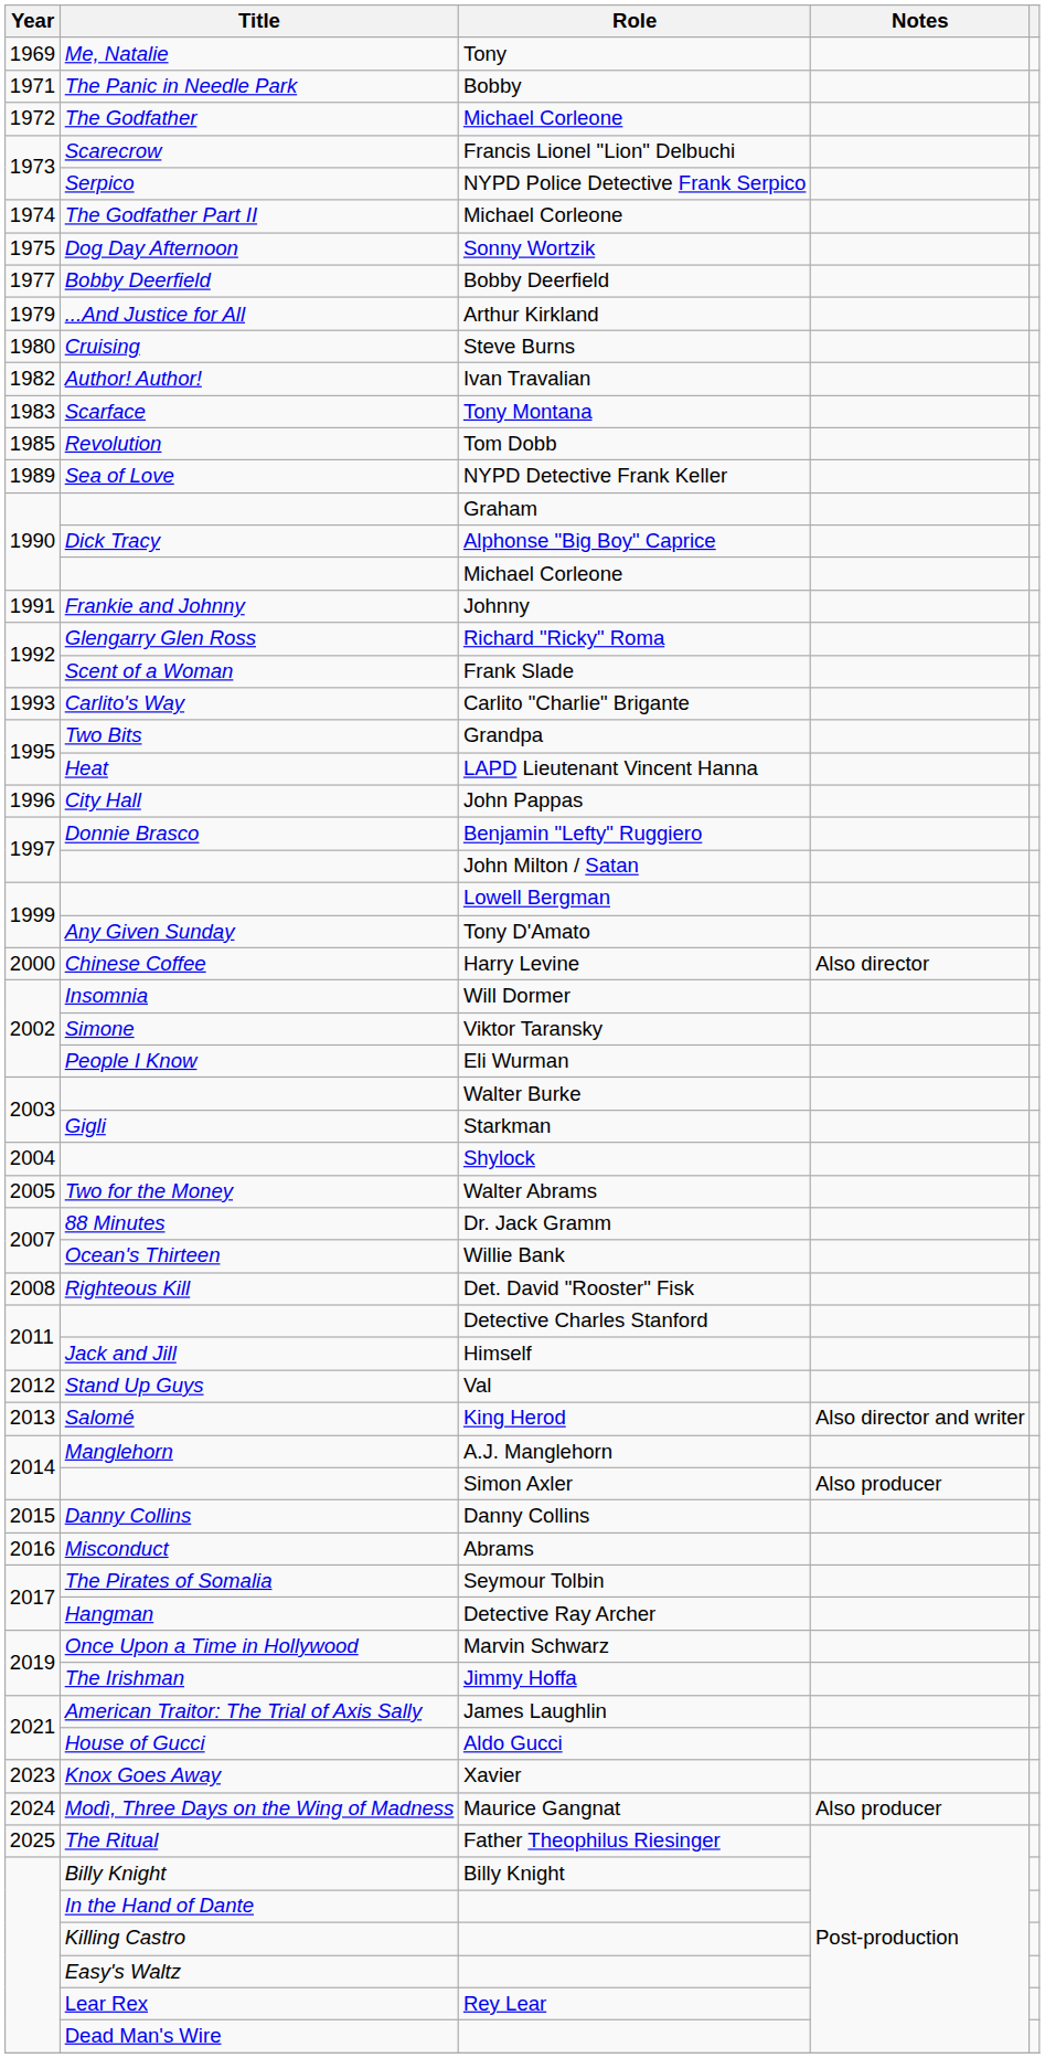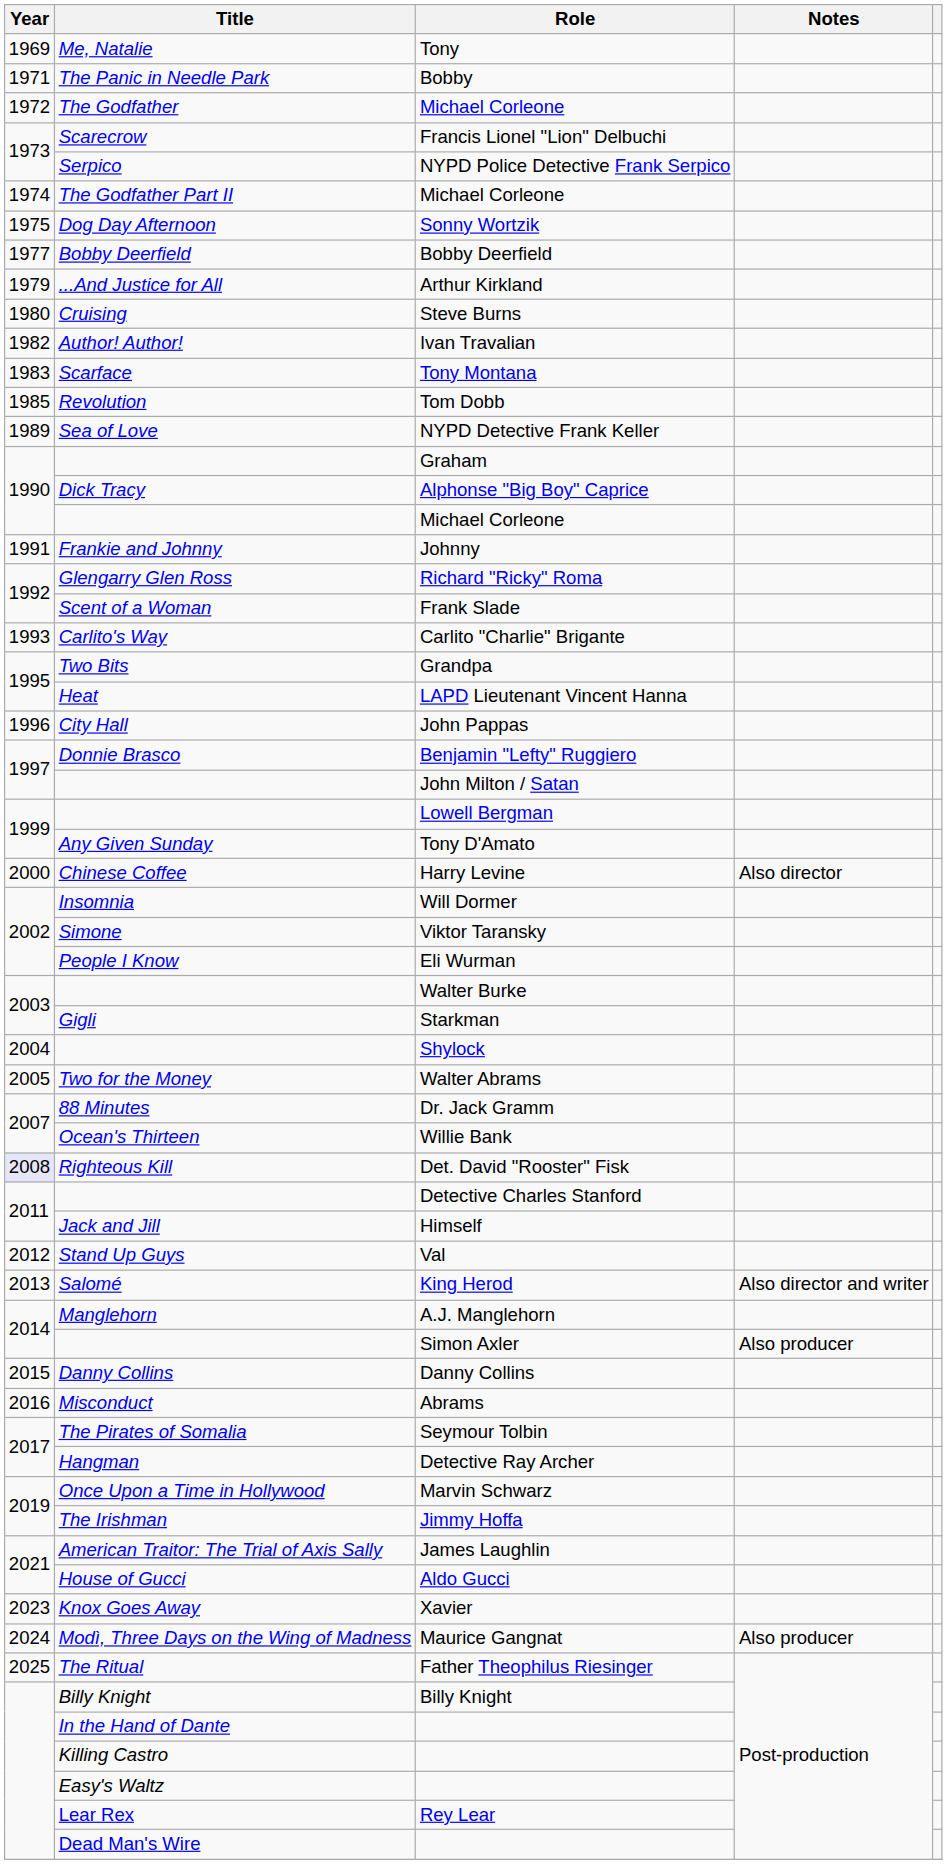 <table class="wikitable plainrowheaders sortable" style="margin-right: 0;">
 <tr>
 <th scope="col">Year</th>
 <th scope="col">Title</th>
 <th scope="col">Role</th>
 <th scope="col" class="unsortable">Notes</th>
 <th scope="col" class="unsortable"></th>
 </tr>
 <tr>
 <td>1969</td>
 <td><em><a href='#'>Me, Natalie</a></em></td>
 <td>Tony</td>
 <td></td>
 <td style= "text-align:center;"></td>
 </tr>
 <tr>
 <td>1971</td>
 <td><em><a href='#'>The Panic in Needle Park</a></em></td>
 <td>Bobby</td>
 <td></td>
 <td style= "text-align:center;"></td>
 </tr>
 <tr>
 <td>1972</td>
 <td><em><a href='#'>The Godfather</a></em></td>
 <td><a href='#'>Michael Corleone</a></td>
 <td></td>
 <td style= "text-align:center;"></td>
 </tr>
 <tr>
 <td rowspan="2">1973</td>
 <td><em><a href='#'>Scarecrow</a></em></td>
 <td>Francis Lionel "Lion" Delbuchi</td>
 <td></td>
 <td style= "text-align:center;"></td>
 </tr>
 <tr>
 <td><em><a href='#'>Serpico</a></em></td>
 <td>NYPD Police Detective <a href='#'>Frank Serpico</a></td>
 <td></td>
 <td style= "text-align:center;"></td>
 </tr>
 <tr>
 <td>1974</td>
 <td><em><a href='#'>The Godfather Part II</a></em></td>
 <td>Michael Corleone</td>
 <td></td>
 <td style= "text-align:center;"></td>
 </tr>
 <tr>
 <td>1975</td>
 <td><em><a href='#'>Dog Day Afternoon</a></em></td>
 <td><a href='#'>Sonny Wortzik</a></td>
 <td></td>
 <td style= "text-align:center;"></td>
 </tr>
 <tr>
 <td>1977</td>
 <td><em><a href='#'>Bobby Deerfield</a></em></td>
 <td>Bobby Deerfield</td>
 <td></td>
 <td style= "text-align:center;"></td>
 </tr>
 <tr>
 <td>1979</td>
 <td><em><a href='#'>...And Justice for All</a></em></td>
 <td>Arthur Kirkland</td>
 <td></td>
 <td style= "text-align:center;"></td>
 </tr>
 <tr>
 <td>1980</td>
 <td><em><a href='#'>Cruising</a></em></td>
 <td>Steve Burns</td>
 <td></td>
 <td style= "text-align:center;"></td>
 </tr>
 <tr>
 <td>1982</td>
 <td><em><a href='#'>Author! Author!</a></em></td>
 <td>Ivan Travalian</td>
 <td></td>
 <td style= "text-align:center;"></td>
 </tr>
 <tr>
 <td>1983</td>
 <td><em><a href='#'>Scarface</a></em></td>
 <td><a href='#'>Tony Montana</a></td>
 <td></td>
 <td style= "text-align:center;"></td>
 </tr>
 <tr>
 <td>1985</td>
 <td><em><a href='#'>Revolution</a></em></td>
 <td>Tom Dobb</td>
 <td></td>
 <td style= "text-align:center;"></td>
 </tr>
 <tr>
 <td>1989</td>
 <td><em><a href='#'>Sea of Love</a></em></td>
 <td>NYPD Detective Frank Keller</td>
 <td></td>
 <td style= "text-align:center;"></td>
 </tr>
 <tr>
 <td rowspan="3">1990</td>
 <td><em></em></td>
 <td>Graham</td>
 <td></td>
 <td style= "text-align:center;"></td>
 </tr>
 <tr>
 <td><em><a href='#'>Dick Tracy</a></em></td>
 <td><a href='#'>Alphonse "Big Boy" Caprice</a></td>
 <td></td>
 <td style= "text-align:center;"></td>
 </tr>
 <tr>
 <td><em></em></td>
 <td>Michael Corleone</td>
 <td></td>
 <td style= "text-align:center;"></td>
 </tr>
 <tr>
 <td>1991</td>
 <td><em><a href='#'>Frankie and Johnny</a></em></td>
 <td>Johnny</td>
 <td></td>
 <td style= "text-align:center;"></td>
 </tr>
 <tr>
 <td rowspan="2">1992</td>
 <td><em><a href='#'>Glengarry Glen Ross</a></em></td>
 <td><a href='#'>Richard "Ricky" Roma</a></td>
 <td></td>
 <td style= "text-align:center;"></td>
 </tr>
 <tr>
 <td><em><a href='#'>Scent of a Woman</a></em></td>
 <td>Frank Slade</td>
 <td></td>
 <td style= "text-align:center;"></td>
 </tr>
 <tr>
 <td>1993</td>
 <td><em><a href='#'>Carlito's Way</a></em></td>
 <td>Carlito "Charlie" Brigante</td>
 <td></td>
 <td style= "text-align:center;"></td>
 </tr>
 <tr>
 <td rowspan="2">1995</td>
 <td><em><a href='#'>Two Bits</a></em></td>
 <td>Grandpa</td>
 <td></td>
 <td style= "text-align:center;"></td>
 </tr>
 <tr>
 <td><em><a href='#'>Heat</a></em></td>
 <td><a href='#'>LAPD</a> Lieutenant Vincent Hanna</td>
 <td></td>
 <td style= "text-align:center;"></td>
 </tr>
 <tr>
 <td>1996</td>
 <td><em><a href='#'>City Hall</a></em></td>
 <td>John Pappas</td>
 <td></td>
 <td style= "text-align:center;"></td>
 </tr>
 <tr>
 <td rowspan="2">1997</td>
 <td><em><a href='#'>Donnie Brasco</a></em></td>
 <td><a href='#'>Benjamin "Lefty" Ruggiero</a></td>
 <td></td>
 <td style= "text-align:center;"></td>
 </tr>
 <tr>
 <td><em></em></td>
 <td>John Milton / <a href='#'>Satan</a></td>
 <td></td>
 <td style= "text-align:center;"></td>
 </tr>
 <tr>
 <td rowspan="2">1999</td>
 <td><em></em></td>
 <td><a href='#'>Lowell Bergman</a></td>
 <td></td>
 <td style= "text-align:center;"></td>
 </tr>
 <tr>
 <td><em><a href='#'>Any Given Sunday</a></em></td>
 <td>Tony D'Amato</td>
 <td></td>
 <td style= "text-align:center;"></td>
 </tr>
 <tr>
 <td>2000</td>
 <td><em><a href='#'>Chinese Coffee</a></em></td>
 <td>Harry Levine</td>
 <td>Also director</td>
 <td style= "text-align:center;"></td>
 </tr>
 <tr>
 <td rowspan="3">2002</td>
 <td><em><a href='#'>Insomnia</a></em></td>
 <td>Will Dormer</td>
 <td></td>
 <td style= "text-align:center;"></td>
 </tr>
 <tr>
 <td><em><a href='#'>Simone</a></em></td>
 <td>Viktor Taransky</td>
 <td></td>
 <td style= "text-align:center;"></td>
 </tr>
 <tr>
 <td><em><a href='#'>People I Know</a></em></td>
 <td>Eli Wurman</td>
 <td></td>
 <td style= "text-align:center;"></td>
 </tr>
 <tr>
 <td rowspan="2">2003</td>
 <td><em></em></td>
 <td>Walter Burke</td>
 <td></td>
 <td style= "text-align:center;"></td>
 </tr>
 <tr>
 <td><em><a href='#'>Gigli</a></em></td>
 <td>Starkman</td>
 <td></td>
 <td style= "text-align:center;"></td>
 </tr>
 <tr>
 <td>2004</td>
 <td><em></em></td>
 <td><a href='#'>Shylock</a></td>
 <td></td>
 <td style= "text-align:center;"></td>
 </tr>
 <tr>
 <td>2005</td>
 <td><em><a href='#'>Two for the Money</a></em></td>
 <td>Walter Abrams</td>
 <td></td>
 <td style= "text-align:center;"></td>
 </tr>
 <tr>
 <td rowspan="2">2007</td>
 <td><em><a href='#'>88 Minutes</a></em></td>
 <td>Dr. Jack Gramm</td>
 <td></td>
 <td style= "text-align:center;"></td>
 </tr>
 <tr>
 <td><em><a href='#'>Ocean's Thirteen</a></em></td>
 <td>Willie Bank</td>
 <td></td>
 <td style= "text-align:center;"></td>
 </tr>
 <tr>
-<td>2008</td>
+<td style="background: lavender;">2008</td>
 <td><em><a href='#'>Righteous Kill</a></em></td>
 <td>Det. David "Rooster" Fisk</td>
 <td></td>
 <td style= "text-align:center;"></td>
 </tr>
 <tr>
 <td rowspan="2">2011</td>
 <td><em></em></td>
 <td>Detective Charles Stanford</td>
 <td></td>
 <td style= "text-align:center;"></td>
 </tr>
 <tr>
 <td><em><a href='#'>Jack and Jill</a></em></td>
 <td>Himself</td>
 <td></td>
 <td style= "text-align:center;"></td>
 </tr>
 <tr>
 <td>2012</td>
 <td><em><a href='#'>Stand Up Guys</a></em></td>
 <td>Val</td>
 <td></td>
 <td style= "text-align:center;"></td>
 </tr>
 <tr>
 <td>2013</td>
 <td><em><a href='#'>Salomé</a></em></td>
 <td><a href='#'>King Herod</a></td>
 <td>Also director and writer</td>
 <td style= "text-align:center;"></td>
 </tr>
 <tr>
 <td rowspan="2">2014</td>
 <td><em><a href='#'>Manglehorn</a></em></td>
 <td>A.J. Manglehorn</td>
 <td></td>
 <td style= "text-align:center;"></td>
 </tr>
 <tr>
 <td><em></em></td>
 <td>Simon Axler</td>
 <td>Also producer</td>
 <td style= "text-align:center;"></td>
 </tr>
 <tr>
 <td>2015</td>
 <td><em><a href='#'>Danny Collins</a></em></td>
 <td>Danny Collins</td>
 <td></td>
 <td style= "text-align:center;"></td>
 </tr>
 <tr>
 <td>2016</td>
 <td><em><a href='#'>Misconduct</a></em></td>
 <td>Abrams</td>
 <td></td>
 <td style= "text-align:center;"></td>
 </tr>
 <tr>
 <td rowspan="2">2017</td>
 <td><em><a href='#'>The Pirates of Somalia</a></em></td>
 <td>Seymour Tolbin</td>
 <td></td>
 <td style="text-align:center;"></td>
 </tr>
 <tr>
 <td><em><a href='#'>Hangman</a></em></td>
 <td>Detective Ray Archer</td>
 <td></td>
 <td style="text-align:center;"></td>
 </tr>
 <tr>
 <td rowspan="2">2019</td>
 <td><em><a href='#'>Once Upon a Time in Hollywood</a></em></td>
 <td>Marvin Schwarz</td>
 <td></td>
 <td style= "text-align:center;"></td>
 </tr>
 <tr>
 <td><em><a href='#'>The Irishman</a></em></td>
 <td><a href='#'>Jimmy Hoffa</a></td>
 <td></td>
 <td style= "text-align:center;"></td>
 </tr>
 <tr>
 <td rowspan="2">2021</td>
 <td><em><a href='#'>American Traitor: The Trial of Axis Sally</a></em></td>
 <td>James Laughlin</td>
 <td></td>
 <td></td>
 </tr>
 <tr>
 <td><em><a href='#'>House of Gucci</a></em></td>
 <td><a href='#'>Aldo Gucci</a></td>
 <td></td>
 <td></td>
 </tr>
 <tr>
 <td>2023</td>
 <td><em><a href='#'>Knox Goes Away</a></em></td>
 <td>Xavier</td>
 <td></td>
 <td></td>
 </tr>
 <tr>
 <td>2024</td>
 <td><em><a href='#'>Modì, Three Days on the Wing of Madness</a></em></td>
 <td>Maurice Gangnat</td>
 <td>Also producer</td>
 <td style="text-align:center;"></td>
 </tr>
 <tr>
 <td>2025</td>
 <td><em><a href='#'>The Ritual</a></em></td>
 <td>Father <a href='#'>Theophilus Riesinger</a></td>
 <td rowspan="7">Post-production</td>
 <td style="text-align:center;"></td>
 </tr>
 <tr>
 <td rowspan="6"></td>
 <td><em>Billy Knight</em></td>
 <td>Billy Knight</td>
 <td style="text-align:center;"></td>
 </tr>
 <tr>
 <td><em><a href='#'>In the Hand of Dante</a></em></td>
 <td></td>
 <td style="text-align:center;"></td>
 </tr>
 <tr>
 <td><em>Killing Castro</em></td>
 <td></td>
 <td style="text-align:center;"></td>
 </tr>
 <tr>
 <td><em>Easy's Waltz</td>
 <td></td>
 <td style="text-align:center;"></td>
 </tr>
 <tr>
 <td></em><a href='#'>Lear Rex</a><em></td>
 <td><a href='#'>Rey Lear</a></td>
 <td style="text-align:center;"></td>
 </tr>
 <tr>
 <td></em><a href='#'>Dead Man's Wire</a><em></td>
 <td></td>
 <td style="text-align:center;"></td>
 </tr>
 <tr>
 </tr>
 </table>
